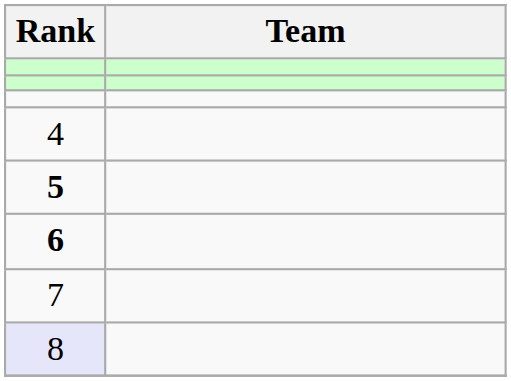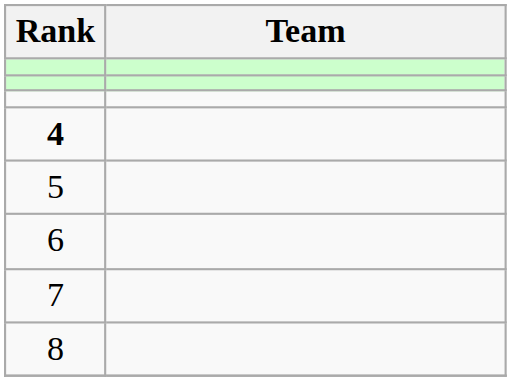 <table class="wikitable" style="text-align: center;">
 <tr>
 <th width=40>Rank</th>
 <th width=180>Team</th>
 </tr>
 <tr bgcolor=#ccffcc align=center>
 <td></td>
 <td style="text-align:left;"></td>
 </tr>
 <tr bgcolor=#ccffcc align=center>
 <td></td>
 <td style="text-align:left;"></td>
 </tr>
 <tr align=center>
 <td></td>
 <td style="text-align:left;"></td>
 </tr>
 <tr align=center>
-<td>4</td>
+<td><strong>4</strong></td>
 <td style="text-align:left;"></td>
 </tr>
 <tr align=center>
-<td><strong>5</strong></td>
+<td>5</td>
 <td style="text-align:left;"></td>
 </tr>
 <tr align=center>
-<td><strong>6</strong></td>
+<td>6</td>
 <td style="text-align:left;"></td>
 </tr>
 <tr align=center>
 <td>7</td>
 <td style="text-align:left;"></td>
 </tr>
 <tr align=center>
-<td style="background: lavender;">8</td>
+<td>8</td>
 <td style="text-align:left;"></td>
 </tr>
 <tr align=center>
 </tr>
 </table>
